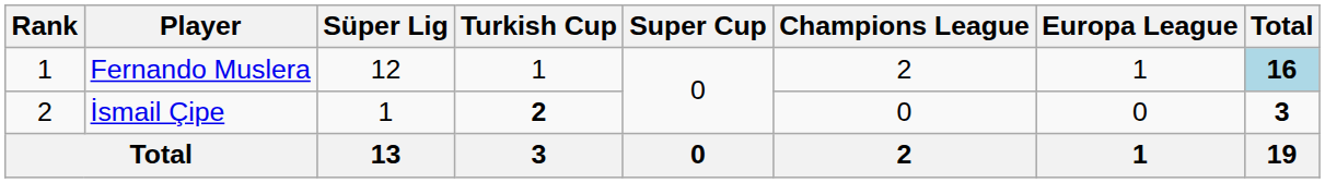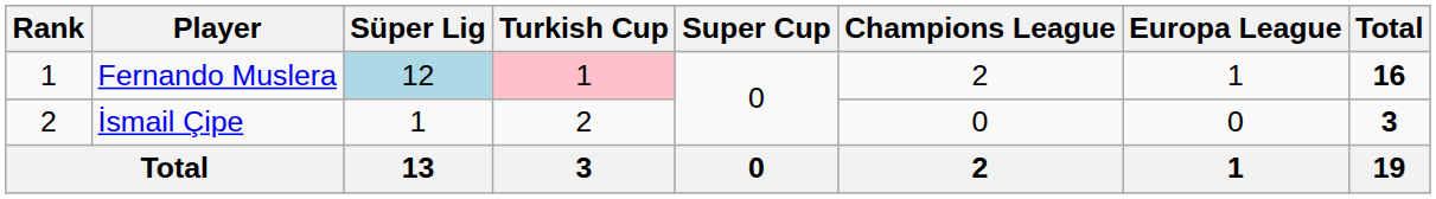 <table class="wikitable" style="text-align: center;">
 <tr>
 <th>Rank</th>
 <th>Player</th>
 <th>Süper Lig</th>
 <th>Turkish Cup</th>
 <th>Super Cup</th>
 <th>Champions League</th>
 <th>Europa League</th>
 <th>Total</th>
 </tr>
 <tr>
 <td>1</td>
 <td align=left> <a href='#'>Fernando Muslera</a></td>
-<td>12</td>
-<td>1</td>
+<td style="background: lightblue;">12</td>
+<td style="background: pink;">1</td>
 <td rowspan=2>0</td>
 <td>2</td>
 <td>1</td>
-<td style="background: lightblue;"><strong>16</strong></td>
+<td><strong>16</strong></td>
 </tr>
 <tr>
 <td>2</td>
 <td align=left> <a href='#'>İsmail Çipe</a></td>
 <td>1</td>
-<td><strong>2</strong></td>
+<td>2</td>
 <td>0</td>
 <td>0</td>
 <td><strong>3</strong></td>
 </tr>
 <tr>
 <th colspan=2>Total</th>
 <th>13</th>
 <th>3</th>
 <th>0</th>
 <th>2</th>
 <th>1</th>
 <th>19</th>
 </tr>
 </table>
